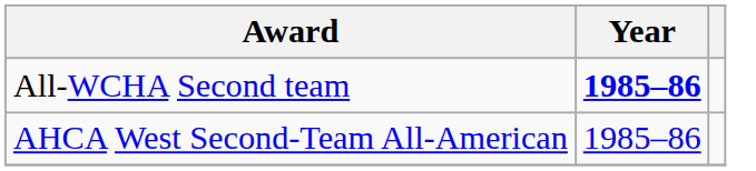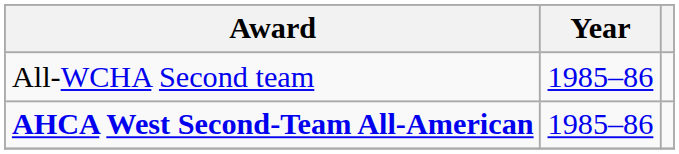 <table class="wikitable">
 <tr>
 <th>Award</th>
 <th>Year</th>
 <th></th>
 </tr>
 <tr>
 <td>All-<a href='#'>WCHA</a> <a href='#'>Second team</a></td>
-<td><strong><a href='#'>1985–86</a></strong></td>
+<td><a href='#'>1985–86</a></td>
 <td></td>
 </tr>
 <tr>
-<td><a href='#'>AHCA</a> <a href='#'>West Second-Team All-American</a></td>
+<td><strong><a href='#'>AHCA</a> <a href='#'>West Second-Team All-American</a></strong></td>
 <td><a href='#'>1985–86</a></td>
 <td></td>
 </tr>
 <tr>
 </tr>
 </table>
